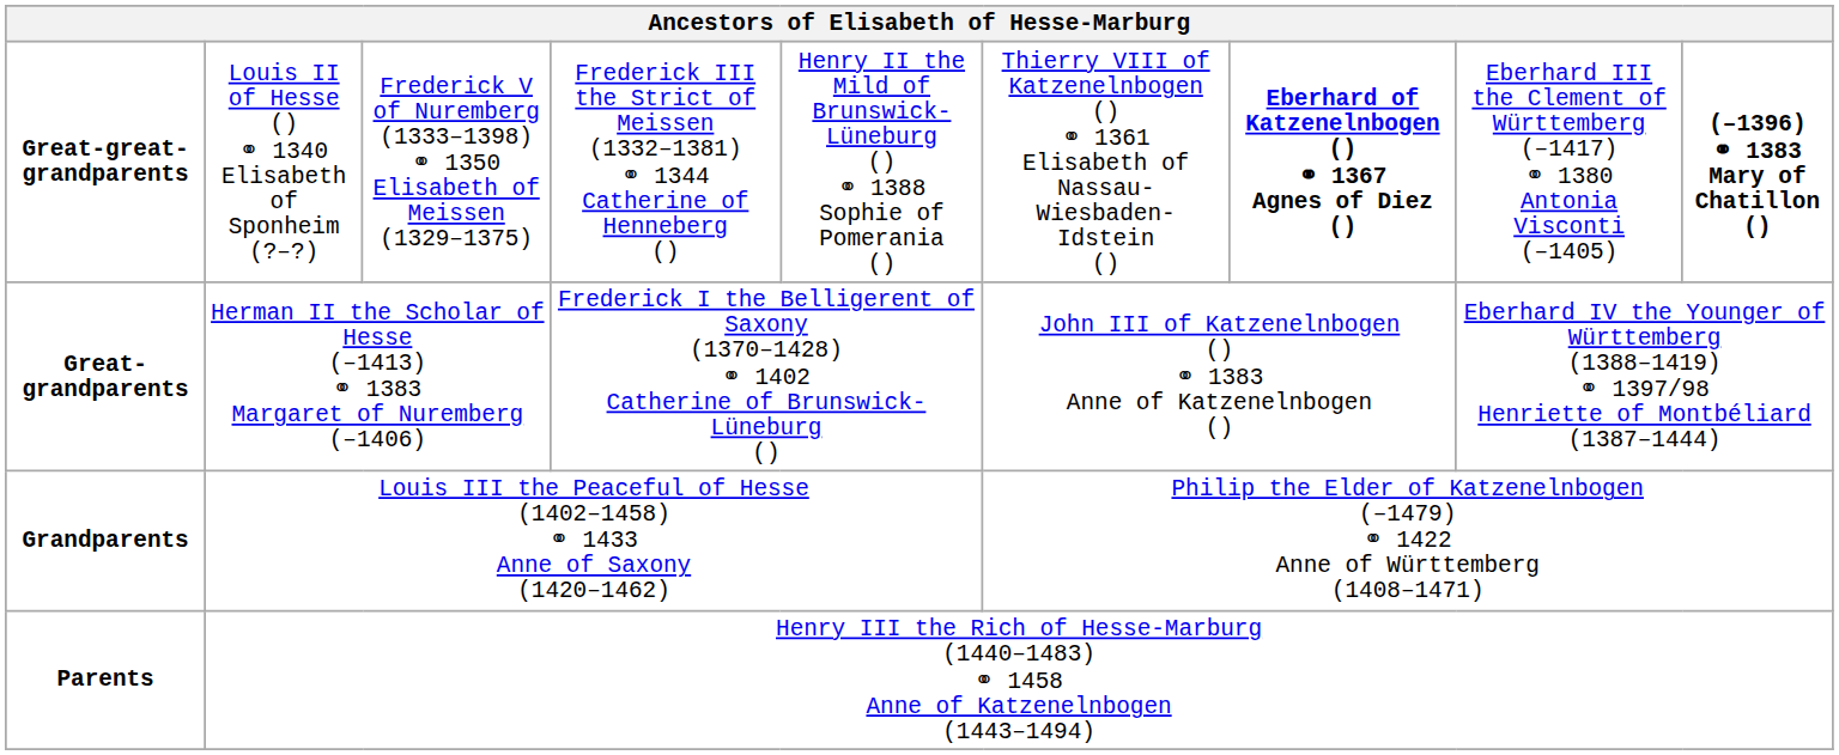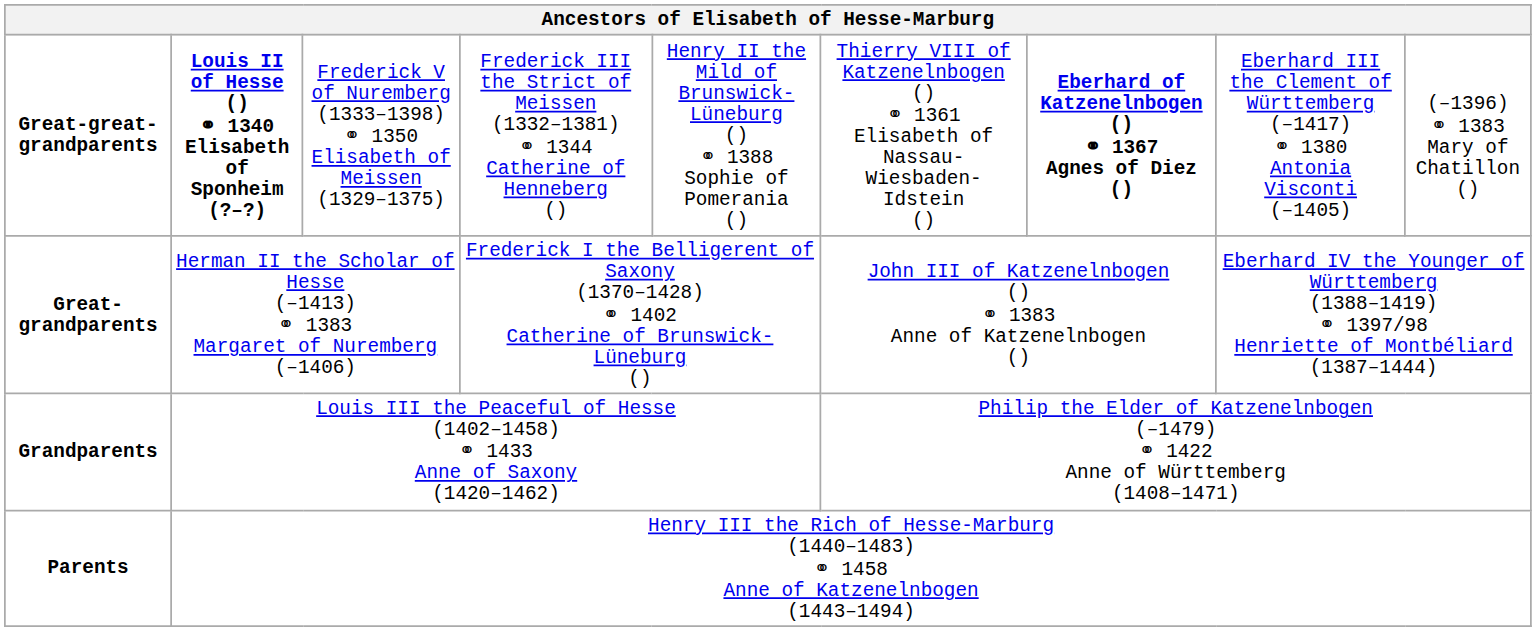 <table class="wikitable" style="background:#FFFFFF; font-size:85%; text-align:center">
 <tr bgcolor="#E0E0E0">
 <th colspan="9">Ancestors of Elisabeth of Hesse-Marburg</th>
 </tr>
 <tr>
 <td><strong>Great-great-grandparents</strong></td>
-<td colspan="1"><a href='#'>Louis II of Hesse</a><br>()<br>⚭ 1340<br>Elisabeth of Sponheim<br>(?–?)</td>
+<td colspan="1"><strong><a href='#'>Louis II of Hesse</a><br>()<br>⚭ 1340<br>Elisabeth of Sponheim<br>(?–?)</strong></td>
 <td colspan="1"><a href='#'>Frederick V of Nuremberg</a><br>(1333–1398)<br>⚭ 1350<br><a href='#'>Elisabeth of Meissen</a><br>(1329–1375)</td>
 <td colspan="1"><a href='#'>Frederick III the Strict of Meissen</a><br>(1332–1381)<br>⚭ 1344<br><a href='#'>Catherine of Henneberg</a><br>()</td>
 <td colspan="1"><a href='#'>Henry II the Mild of Brunswick-Lüneburg</a><br>()<br>⚭ 1388<br>Sophie of Pomerania<br>()</td>
 <td colspan="1"><a href='#'>Thierry VIII of Katzenelnbogen</a><br>()<br>⚭ 1361<br>Elisabeth of Nassau-Wiesbaden-Idstein<br>()</td>
 <td colspan="1"><strong><a href='#'>Eberhard of Katzenelnbogen</a><br>()<br>⚭ 1367<br>Agnes of Diez<br>()</strong></td>
 <td colspan="1"><a href='#'>Eberhard III the Clement of Württemberg</a><br>(–1417)<br>⚭ 1380<br><a href='#'>Antonia Visconti</a><br>(–1405)</td>
-<td colspan="1"><strong><br>(–1396)<br>⚭ 1383<br>Mary of Chatillon<br>()</strong></td>
+<td colspan="1"><br>(–1396)<br>⚭ 1383<br>Mary of Chatillon<br>()</td>
 </tr>
 <tr>
 <td><strong>Great-grandparents</strong></td>
 <td colspan="2"><a href='#'>Herman II the Scholar of Hesse</a><br>(–1413)<br>⚭ 1383<br><a href='#'>Margaret of Nuremberg</a><br>(–1406)</td>
 <td colspan="2"><a href='#'>Frederick I the Belligerent of Saxony</a><br>(1370–1428)<br>⚭ 1402<br><a href='#'>Catherine of Brunswick-Lüneburg</a><br>()</td>
 <td colspan="2"><a href='#'>John III of Katzenelnbogen</a><br>()<br>⚭ 1383<br>Anne of Katzenelnbogen<br>()</td>
 <td colspan="2"><a href='#'>Eberhard IV the Younger of Württemberg</a><br>(1388–1419)<br>⚭ 1397/98<br><a href='#'>Henriette of Montbéliard</a><br>(1387–1444)</td>
 </tr>
 <tr>
 <td><strong>Grandparents</strong></td>
 <td colspan="4"><a href='#'>Louis III the Peaceful of Hesse</a><br>(1402–1458)<br>⚭ 1433<br><a href='#'>Anne of Saxony</a><br>(1420–1462)</td>
 <td colspan="4"><a href='#'>Philip the Elder of Katzenelnbogen</a><br>(–1479)<br>⚭ 1422<br>Anne of Württemberg<br>(1408–1471)</td>
 </tr>
 <tr>
 <td><strong>Parents</strong></td>
 <td colspan="8"><a href='#'>Henry III the Rich of Hesse-Marburg</a><br>(1440–1483)<br>⚭ 1458<br><a href='#'>Anne of Katzenelnbogen</a><br>(1443–1494)</td>
 </tr>
 </table>
